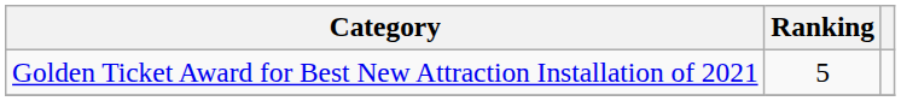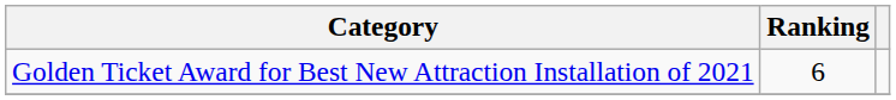 <table class="wikitable plainrowheaders">
 <tr>
 <th scope="col">Category</th>
 <th scope="col">Ranking</th>
 <th scope="col" class="unsortable"></th>
 </tr>
 <tr>
 <td><a href='#'>Golden Ticket Award for Best New Attraction Installation of 2021</a></td>
-<td style="text-align:center;">5</td>
+<td style="text-align:center;">6</td>
 <td style="text-align:center;"></td>
 </tr>
 <tr>
 </tr>
 </table>
